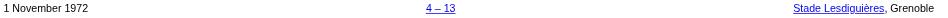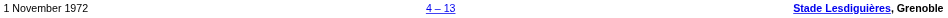 <table style="width:100%;" cellspacing="1">
 <tr>
 <th width=15%></th>
 <th width=25%></th>
 <th width=10%></th>
 <th width=25%></th>
 </tr>
 <tr style=font-size:90%>
 <td align=right>1 November 1972</td>
 <td align=right></td>
 <td align=center><a href='#'>4 – 13</a></td>
 <td></td>
-<td><a href='#'>Stade Lesdiguières</a>, Grenoble</td>
+<td><strong><a href='#'>Stade Lesdiguières</a>, Grenoble</strong></td>
 </tr>
 </table>
